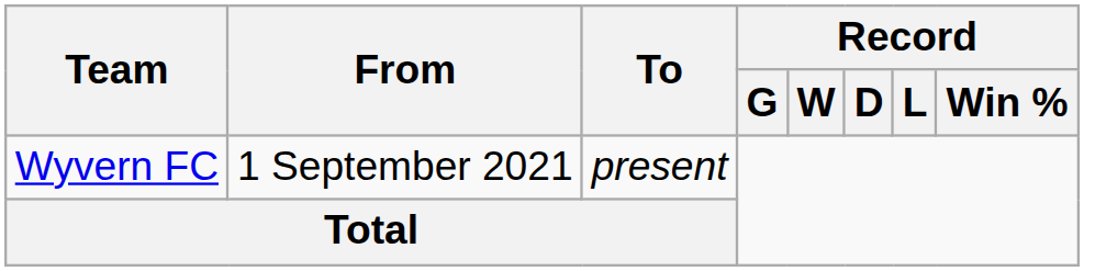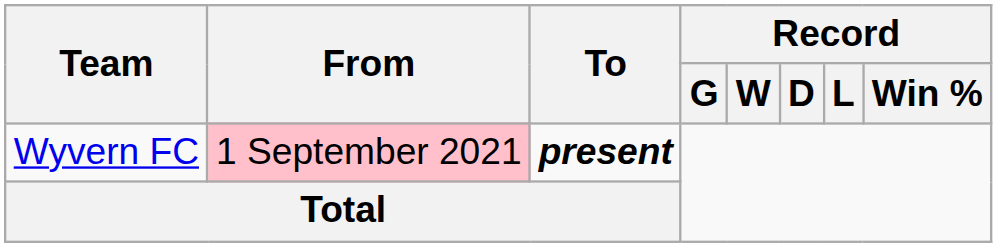 <table class="wikitable" style="text-align: left">
 <tr>
 <th rowspan="2">Team</th>
 <th rowspan="2">From</th>
 <th rowspan="2">To</th>
 <th colspan="8">Record</th>
 </tr>
 <tr>
 <th>G</th>
 <th>W</th>
 <th>D</th>
 <th>L</th>
 <th>Win %</th>
 </tr>
 <tr>
 <td><a href='#'>Wyvern FC</a></td>
-<td>1 September 2021</td>
-<td><em>present</em><br></td>
+<td style="background: pink;">1 September 2021</td>
+<td><strong><em>present</em><br></strong></td>
 </tr>
 <tr>
 <th colspan="3">Total<br></th>
 </tr>
 </table>
